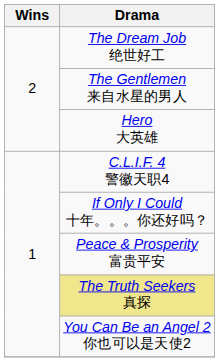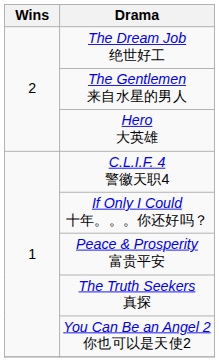 <table class="wikitable plainrowheaders" style="text-align: center">
 <tr>
 <th scope="col" style="width:55px;" style="background-color:#EEDD82;">Wins</th>
 <th scope="col" style="text-align:center;" style="background-color:#EEDD82;">Drama</th>
 </tr>
 <tr>
 <td rowspan=3 scope=row style="text-align:center">2</td>
 <td><em><a href='#'>The Dream Job</a></em><br>绝世好工</td>
 </tr>
 <tr>
 <td><em><a href='#'>The Gentlemen</a></em><br>来自水星的男人</td>
 </tr>
 <tr>
 <td><em><a href='#'>Hero</a></em><br>大英雄</td>
 </tr>
 <tr>
 <td rowspan=5 scope=row style="text-align:center">1</td>
 <td><em><a href='#'>C.L.I.F. 4</a></em><br>警徽天职4</td>
 </tr>
 <tr>
 <td><em><a href='#'>If Only I Could</a></em><br>十年。。。你还好吗？</td>
 </tr>
 <tr>
 <td><em><a href='#'>Peace & Prosperity</a></em><br>富贵平安</td>
 </tr>
 <tr>
-<td style="background: khaki;"><em><a href='#'>The Truth Seekers</a></em><br>真探</td>
+<td><em><a href='#'>The Truth Seekers</a></em><br>真探</td>
 </tr>
 <tr>
 <td><em><a href='#'>You Can Be an Angel 2</a></em><br>你也可以是天使2</td>
 </tr>
 <tr>
 </tr>
 </table>
